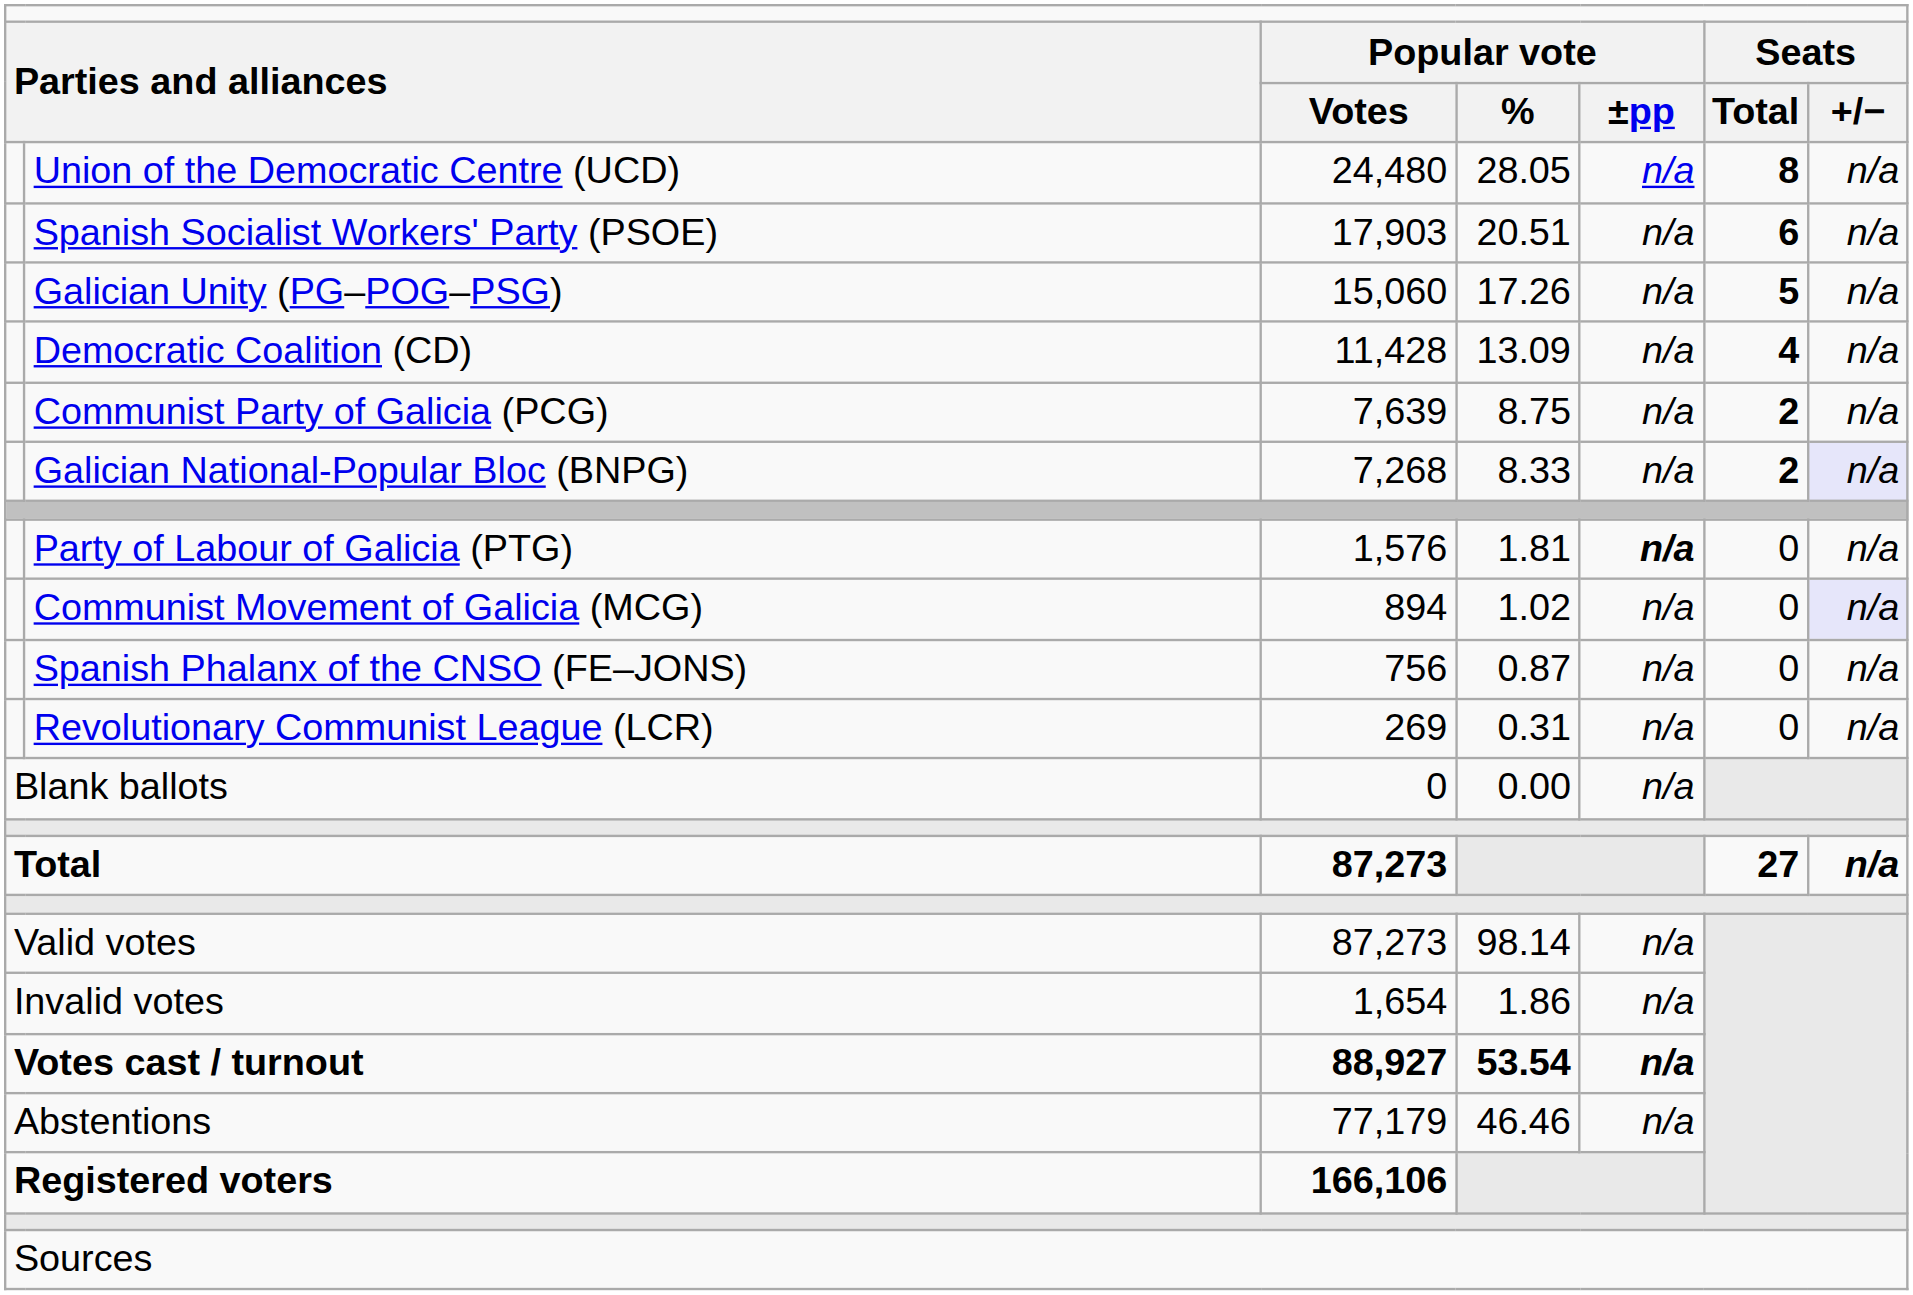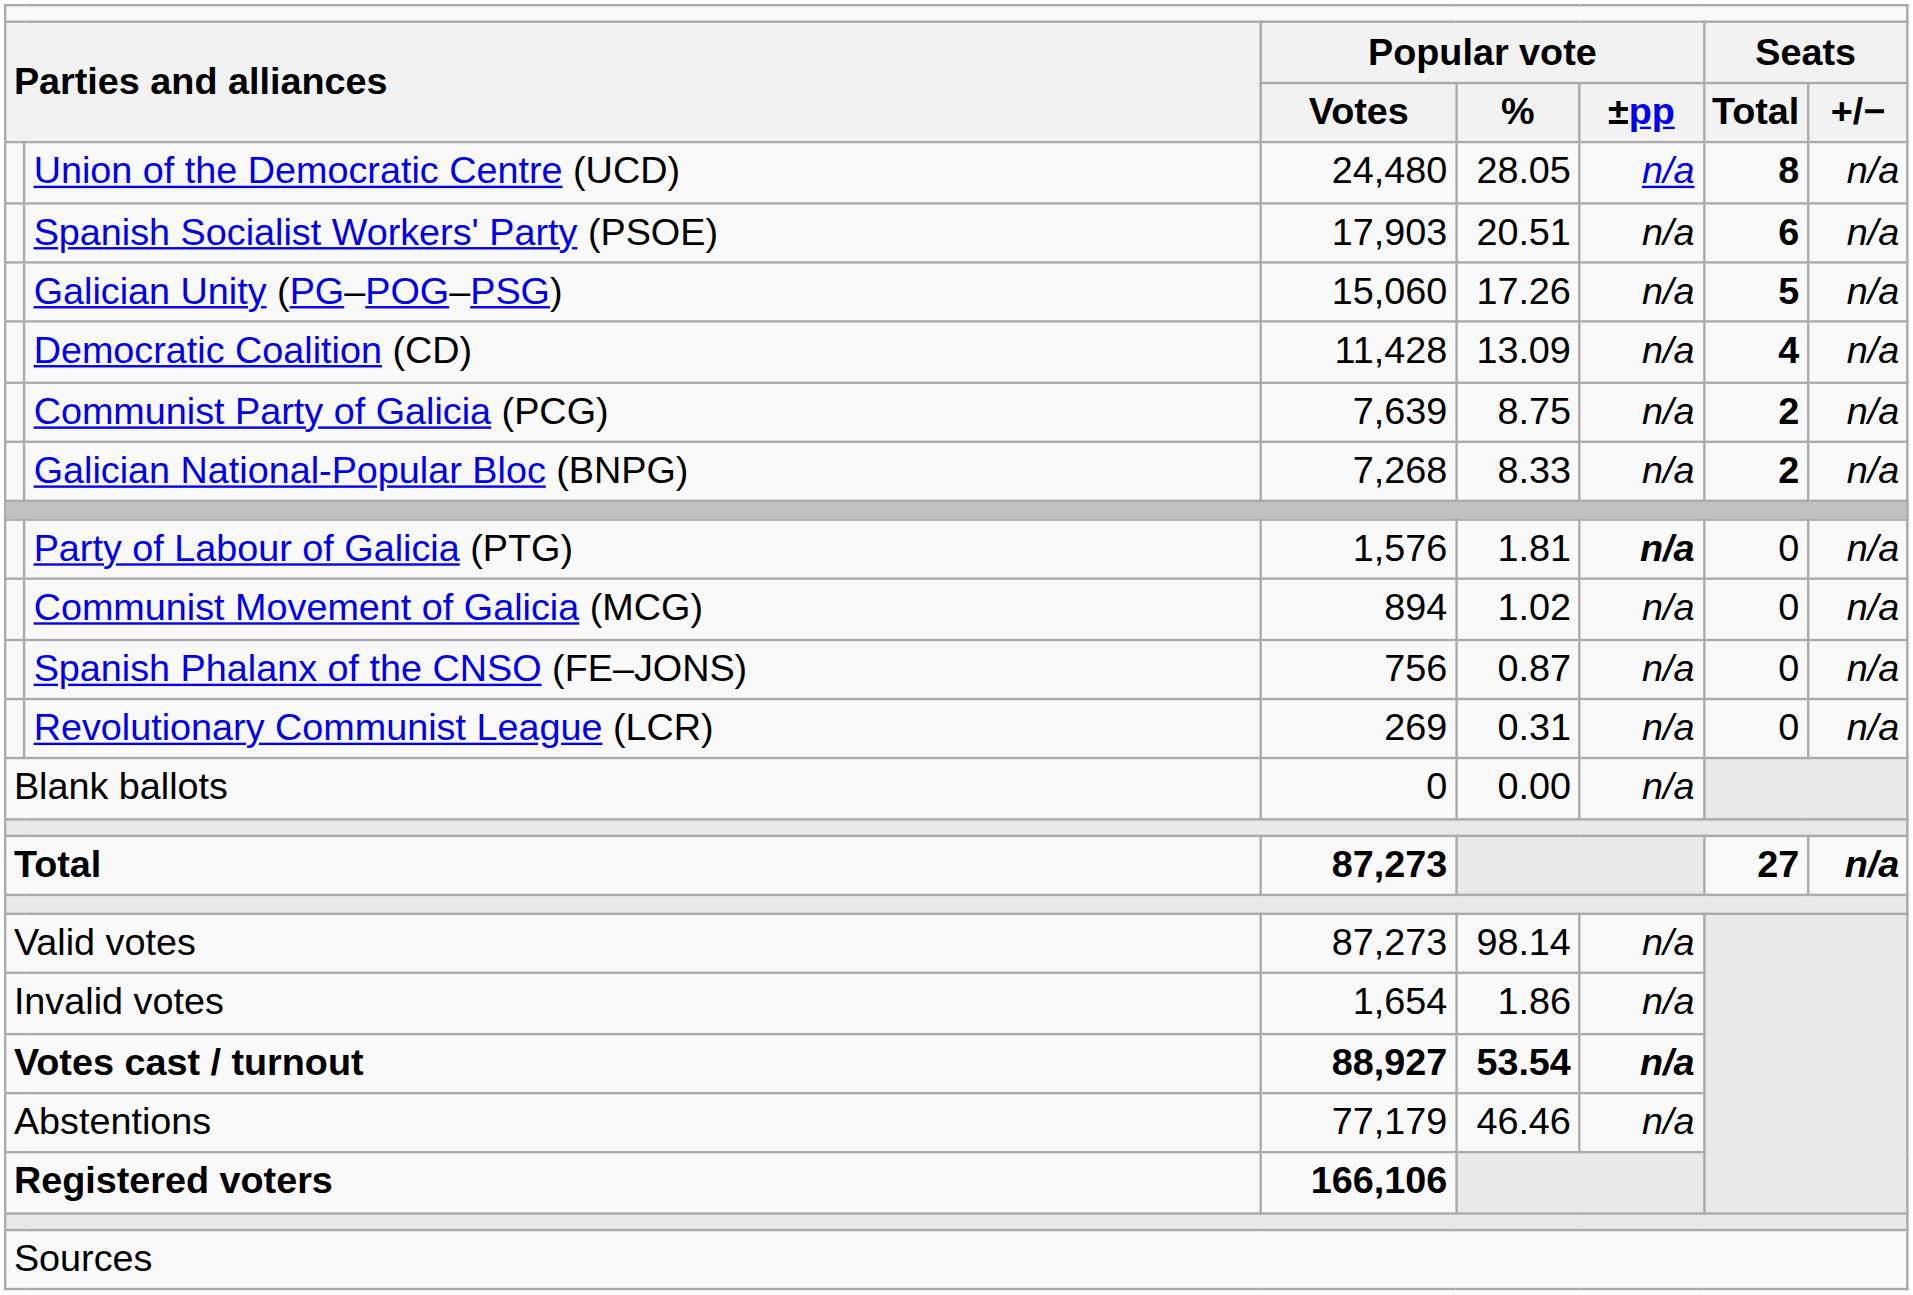 <table class="wikitable" style="text-align:right;">
 <tr>
 <td colspan="7"></td>
 </tr>
 <tr>
 <th style="text-align:left;" rowspan="2" colspan="2" width="525">Parties and alliances</th>
 <th colspan="3">Popular vote</th>
 <th colspan="2">Seats</th>
 </tr>
 <tr>
 <th width="75">Votes</th>
 <th width="45">%</th>
 <th width="45">±<a href='#'>pp</a></th>
 <th width="35">Total</th>
 <th width="35">+/−</th>
 </tr>
 <tr>
 <td width="1" style="color:inherit;background:"></td>
 <td align="left"><a href='#'>Union of the Democratic Centre</a> (UCD)</td>
 <td>24,480</td>
 <td>28.05</td>
 <td><em><a href='#'>n/a</a></em></td>
 <td><strong>8</strong></td>
 <td><em>n/a</em></td>
 </tr>
 <tr>
 <td style="color:inherit;background:"></td>
 <td align="left"><a href='#'>Spanish Socialist Workers' Party</a> (PSOE)</td>
 <td>17,903</td>
 <td>20.51</td>
 <td><em>n/a</em></td>
 <td><strong>6</strong></td>
 <td><em>n/a</em></td>
 </tr>
 <tr>
 <td style="color:inherit;background:"></td>
 <td align="left"><a href='#'>Galician Unity</a> (<a href='#'>PG</a>–<a href='#'>POG</a>–<a href='#'>PSG</a>)</td>
 <td>15,060</td>
 <td>17.26</td>
 <td><em>n/a</em></td>
 <td><strong>5</strong></td>
 <td><em>n/a</em></td>
 </tr>
 <tr>
 <td style="color:inherit;background:"></td>
 <td align="left"><a href='#'>Democratic Coalition</a> (CD)</td>
 <td>11,428</td>
 <td>13.09</td>
 <td><em>n/a</em></td>
 <td><strong>4</strong></td>
 <td><em>n/a</em></td>
 </tr>
 <tr>
 <td style="color:inherit;background:"></td>
 <td align="left"><a href='#'>Communist Party of Galicia</a> (PCG)</td>
 <td>7,639</td>
 <td>8.75</td>
 <td><em>n/a</em></td>
 <td><strong>2</strong></td>
 <td><em>n/a</em></td>
 </tr>
 <tr>
 <td style="color:inherit;background:"></td>
 <td align="left"><a href='#'>Galician National-Popular Bloc</a> (BNPG)</td>
 <td>7,268</td>
 <td>8.33</td>
 <td><em>n/a</em></td>
 <td><strong>2</strong></td>
-<td style="background: lavender;"><em>n/a</em></td>
+<td><em>n/a</em></td>
 </tr>
 <tr>
 <td colspan="7" bgcolor="#C0C0C0"></td>
 </tr>
 <tr>
 <td style="color:inherit;background:"></td>
 <td align="left"><a href='#'>Party of Labour of Galicia</a> (PTG)</td>
 <td>1,576</td>
 <td>1.81</td>
 <td><strong><em>n/a</em></strong></td>
 <td>0</td>
 <td><em>n/a</em></td>
 </tr>
 <tr>
 <td style="color:inherit;background:"></td>
 <td align="left"><a href='#'>Communist Movement of Galicia</a> (MCG)</td>
 <td>894</td>
 <td>1.02</td>
 <td><em>n/a</em></td>
 <td>0</td>
-<td style="background: lavender;"><em>n/a</em></td>
+<td><em>n/a</em></td>
 </tr>
 <tr>
 <td style="color:inherit;background:"></td>
 <td align="left"><a href='#'>Spanish Phalanx of the CNSO</a> (FE–JONS)</td>
 <td>756</td>
 <td>0.87</td>
 <td><em>n/a</em></td>
 <td>0</td>
 <td><em>n/a</em></td>
 </tr>
 <tr>
 <td style="color:inherit;background:"></td>
 <td align="left"><a href='#'>Revolutionary Communist League</a> (LCR)</td>
 <td>269</td>
 <td>0.31</td>
 <td><em>n/a</em></td>
 <td>0</td>
 <td><em>n/a</em></td>
 </tr>
 <tr>
 <td align="left" colspan="2">Blank ballots</td>
 <td>0</td>
 <td>0.00</td>
 <td><em>n/a</em></td>
 <td bgcolor="#E9E9E9" colspan="2"></td>
 </tr>
 <tr>
 <td colspan="7" bgcolor="#E9E9E9"></td>
 </tr>
 <tr style="font-weight:bold;">
 <td align="left" colspan="2">Total</td>
 <td>87,273</td>
 <td bgcolor="#E9E9E9" colspan="2"></td>
 <td>27</td>
 <td><em>n/a</em></td>
 </tr>
 <tr>
 <td colspan="7" bgcolor="#E9E9E9"></td>
 </tr>
 <tr>
 <td align="left" colspan="2">Valid votes</td>
 <td>87,273</td>
 <td>98.14</td>
 <td><em>n/a</em></td>
 <td bgcolor="#E9E9E9" colspan="2" rowspan="5"></td>
 </tr>
 <tr>
 <td align="left" colspan="2">Invalid votes</td>
 <td>1,654</td>
 <td>1.86</td>
 <td><em>n/a</em></td>
 </tr>
 <tr style="font-weight:bold;">
 <td align="left" colspan="2">Votes cast / turnout</td>
 <td>88,927</td>
 <td>53.54</td>
 <td><em>n/a</em></td>
 </tr>
 <tr>
 <td align="left" colspan="2">Abstentions</td>
 <td>77,179</td>
 <td>46.46</td>
 <td><em>n/a</em></td>
 </tr>
 <tr style="font-weight:bold;">
 <td align="left" colspan="2">Registered voters</td>
 <td>166,106</td>
 <td bgcolor="#E9E9E9" colspan="2"></td>
 </tr>
 <tr>
 <td colspan="7" bgcolor="#E9E9E9"></td>
 </tr>
 <tr>
 <td align="left" colspan="7">Sources</td>
 </tr>
 </table>
